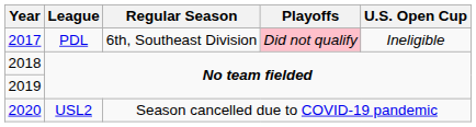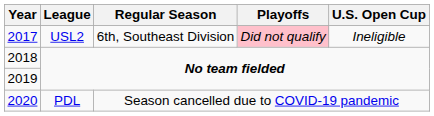 <table class="wikitable" style="text-align:center">
 <tr>
 <th>Year</th>
 <th>League</th>
 <th>Regular Season</th>
 <th>Playoffs</th>
 <th>U.S. Open Cup</th>
 </tr>
 <tr>
 <td><a href='#'>2017</a></td>
-<td><a href='#'>PDL</a></td>
+<td><a href='#'>USL2</a></td>
 <td>6th, Southeast Division</td>
 <td style="background: pink;"><em>Did not qualify</em></td>
 <td><em>Ineligible</em></td>
 </tr>
 <tr>
 <td>2018</td>
 <td colspan="4" rowspan="2" style="text-align:center;"><strong><em>No team fielded</em></strong></td>
 </tr>
 <tr>
 <td>2019</td>
 </tr>
 <tr>
 <td><a href='#'>2020</a></td>
-<td><a href='#'>USL2</a></td>
+<td><a href='#'>PDL</a></td>
 <td colspan=3>Season cancelled due to <a href='#'>COVID-19 pandemic</a></td>
 </tr>
 </table>
